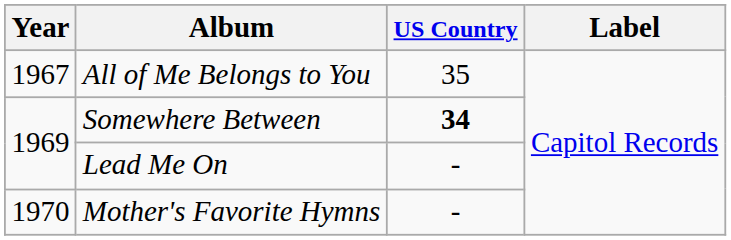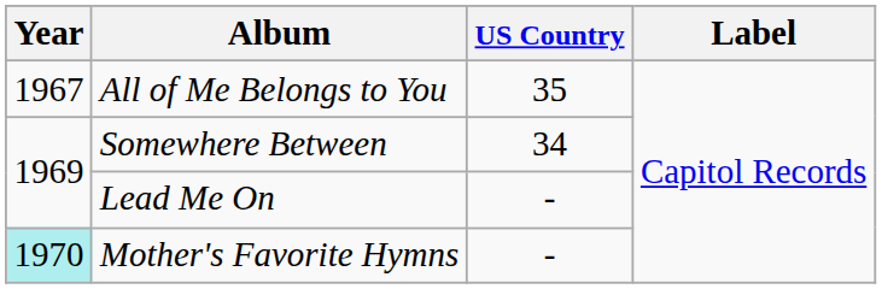 <table class="wikitable">
 <tr>
 <th>Year</th>
 <th>Album</th>
 <th><small><a href='#'>US Country</a></small></th>
 <th>Label</th>
 </tr>
 <tr>
 <td>1967</td>
 <td><em>All of Me Belongs to You</em></td>
 <td style="text-align:center;">35</td>
 <td rowspan="12"><a href='#'>Capitol Records</a></td>
 </tr>
 <tr>
 <td rowspan="2">1969</td>
 <td><em>Somewhere Between</em></td>
-<td style="text-align:center;"><strong>34</strong></td>
+<td style="text-align:center;">34</td>
 </tr>
 <tr>
 <td><em>Lead Me On</em></td>
 <td style="text-align:center;">-</td>
 </tr>
 <tr>
-<td>1970</td>
+<td style="background: paleturquoise;">1970</td>
 <td><em>Mother's Favorite Hymns</em></td>
 <td style="text-align:center;">-</td>
 </tr>
 </table>
